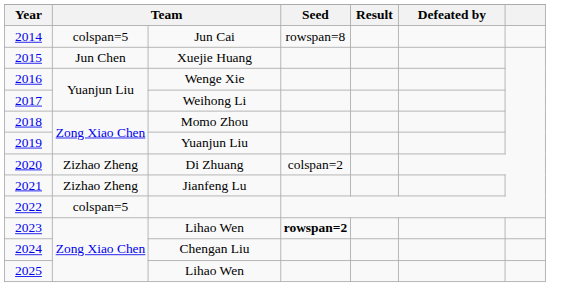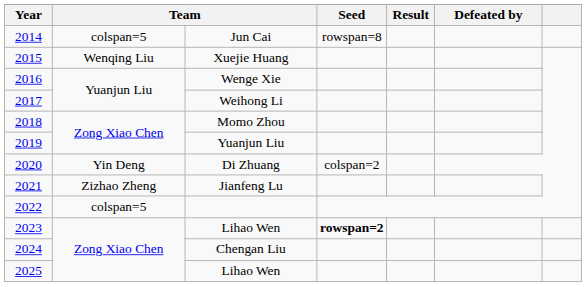 <table class="wikitable" style="text-align: center;">
 <tr style= "background: #e2e2e2;">
 </tr>
 <tr style="background: #efefef;">
 <th width=50px>Year</th>
 <th colspan="2">Team</th>
 <th width=50px>Seed</th>
 <th width=50px>Result</th>
 <th width=120px>Defeated by</th>
 <th width=40px></th>
 </tr>
 <tr>
 <td><a href='#'>2014</a></td>
 <td>colspan=5 </td>
 <td width=150px>Jun Cai</td>
 <td>rowspan=8 </td>
 <td></td>
 <td> </td>
 <td></td>
 </tr>
 <tr>
 <td><a href='#'>2015</a></td>
-<td>Jun Chen</td>
+<td>Wenqing Liu</td>
 <td>Xuejie Huang</td>
 <td></td>
 <td> </td>
 <td></td>
 </tr>
 <tr>
 <td><a href='#'>2016</a></td>
 <td rowspan=2>Yuanjun Liu</td>
 <td>Wenge Xie</td>
 <td></td>
 <td> </td>
 <td></td>
 </tr>
 <tr>
 <td><a href='#'>2017</a></td>
 <td>Weihong Li</td>
 <td></td>
 <td> </td>
 <td></td>
 </tr>
 <tr>
 <td><a href='#'>2018</a></td>
 <td rowspan=2><a href='#'>Zong Xiao Chen</a></td>
 <td>Momo Zhou</td>
 <td></td>
 <td> </td>
 <td></td>
 </tr>
 <tr>
 <td><a href='#'>2019</a></td>
 <td>Yuanjun Liu</td>
 <td></td>
 <td> </td>
 <td></td>
 </tr>
 <tr>
 <td><a href='#'>2020</a></td>
-<td>Zizhao Zheng</td>
+<td width=150px>Yin Deng</td>
 <td>Di Zhuang</td>
 <td>colspan=2 </td>
 <td></td>
 </tr>
 <tr>
 <td><a href='#'>2021</a></td>
 <td>Zizhao Zheng</td>
 <td>Jianfeng Lu</td>
 <td></td>
 <td> </td>
 <td></td>
 </tr>
 <tr>
 <td><a href='#'>2022</a></td>
 <td>colspan=5 </td>
 <td></td>
 </tr>
 <tr>
 <td><a href='#'>2023</a></td>
 <td rowspan=3><a href='#'>Zong Xiao Chen</a></td>
 <td>Lihao Wen</td>
 <td><strong>rowspan=2 </strong></td>
 <td></td>
 <td> <br> </td>
 <td></td>
 </tr>
 <tr>
 <td><a href='#'>2024</a></td>
 <td>Chengan Liu</td>
 <td></td>
 <td> </td>
 <td></td>
 </tr>
 <tr>
 <td><a href='#'>2025</a></td>
 <td>Lihao Wen</td>
 <td></td>
 <td></td>
 <td></td>
 <td></td>
 </tr>
 </table>
